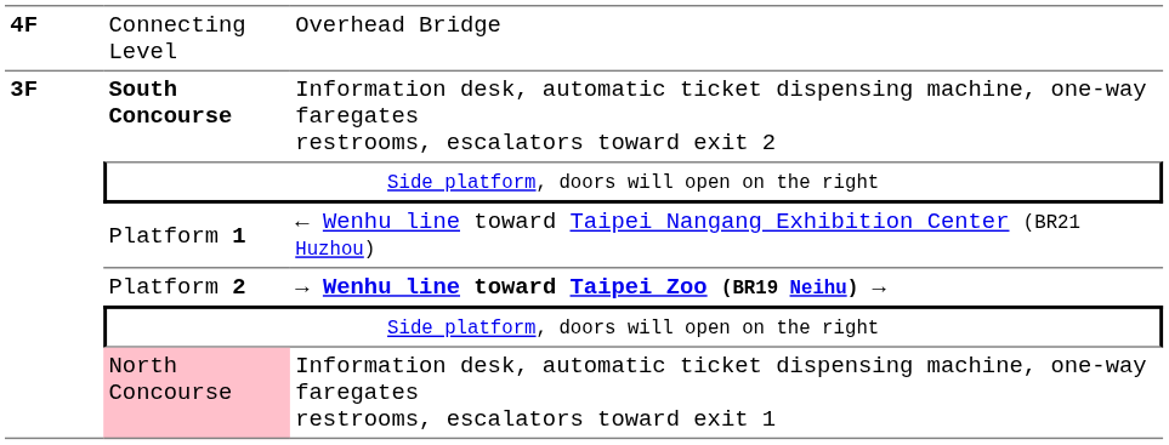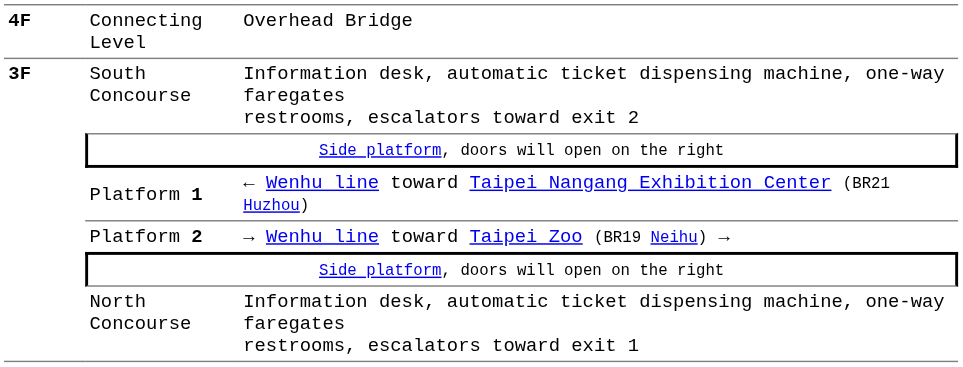 <table table border=0 cellspacing=0 cellpadding=3>
 <tr>
 <td style="border-bottom:solid 1px gray;border-top:solid 1px gray;" width=50 valign=top><strong>4F</strong></td>
 <td style="border-top:solid 1px gray;border-bottom:solid 1px gray;" width=100 valign=top>Connecting Level</td>
 <td style="border-top:solid 1px gray;border-bottom:solid 1px gray;" width=490 valign=top>Overhead Bridge</td>
 </tr>
 <tr>
 <td style="border-bottom:solid 1px gray;" width=50 rowspan=8 valign=top><strong>3F</strong></td>
 </tr>
 <tr>
-<td style="border-top:solid 0px white;" valign=top><strong>South Concourse</strong></td>
+<td style="border-top:solid 0px white;" valign=top>South Concourse</td>
 <td>Information desk, automatic ticket dispensing machine, one-way faregates<br>restrooms, escalators toward exit 2</td>
 </tr>
 <tr>
 <td style="border-right:solid 2px black;border-left:solid 2px black;border-bottom:solid 2px black;border-top:solid 1px gray;text-align:center;" colspan=2><small><a href='#'>Side platform</a>, doors will open on the right</small></td>
 </tr>
 <tr>
 <td style="border-bottom:solid 1px gray;" width=100>Platform <span><strong>1</strong></span></td>
 <td style="border-bottom:solid 1px gray;" width=390>←  <a href='#'>Wenhu line</a> toward <a href='#'>Taipei Nangang Exhibition Center</a> <small>(BR21 <a href='#'>Huzhou</a>)</small></td>
 </tr>
 <tr>
 <td>Platform <span><strong>2</strong></span></td>
-<td><strong><span>→</span>  <a href='#'>Wenhu line</a> toward <a href='#'>Taipei Zoo</a> <small>(BR19 <a href='#'>Neihu</a>)</small> →</strong></td>
+<td><span>→</span>  <a href='#'>Wenhu line</a> toward <a href='#'>Taipei Zoo</a> <small>(BR19 <a href='#'>Neihu</a>)</small> →</td>
 </tr>
 <tr>
 <td style="border-top:solid 2px black;border-right:solid 2px black;border-left:solid 2px black;border-bottom:solid 1px gray;text-align:center;" colspan=2><small><a href='#'>Side platform</a>, doors will open on the right</small></td>
 </tr>
 <tr>
-<td style="background: pink; border-bottom:solid 1px gray;" valign=top>North Concourse</td>
+<td style="border-bottom:solid 1px gray;" valign=top>North Concourse</td>
 <td style="border-bottom:solid 1px gray;">Information desk, automatic ticket dispensing machine, one-way faregates<br>restrooms, escalators toward exit 1</td>
 </tr>
 </table>
